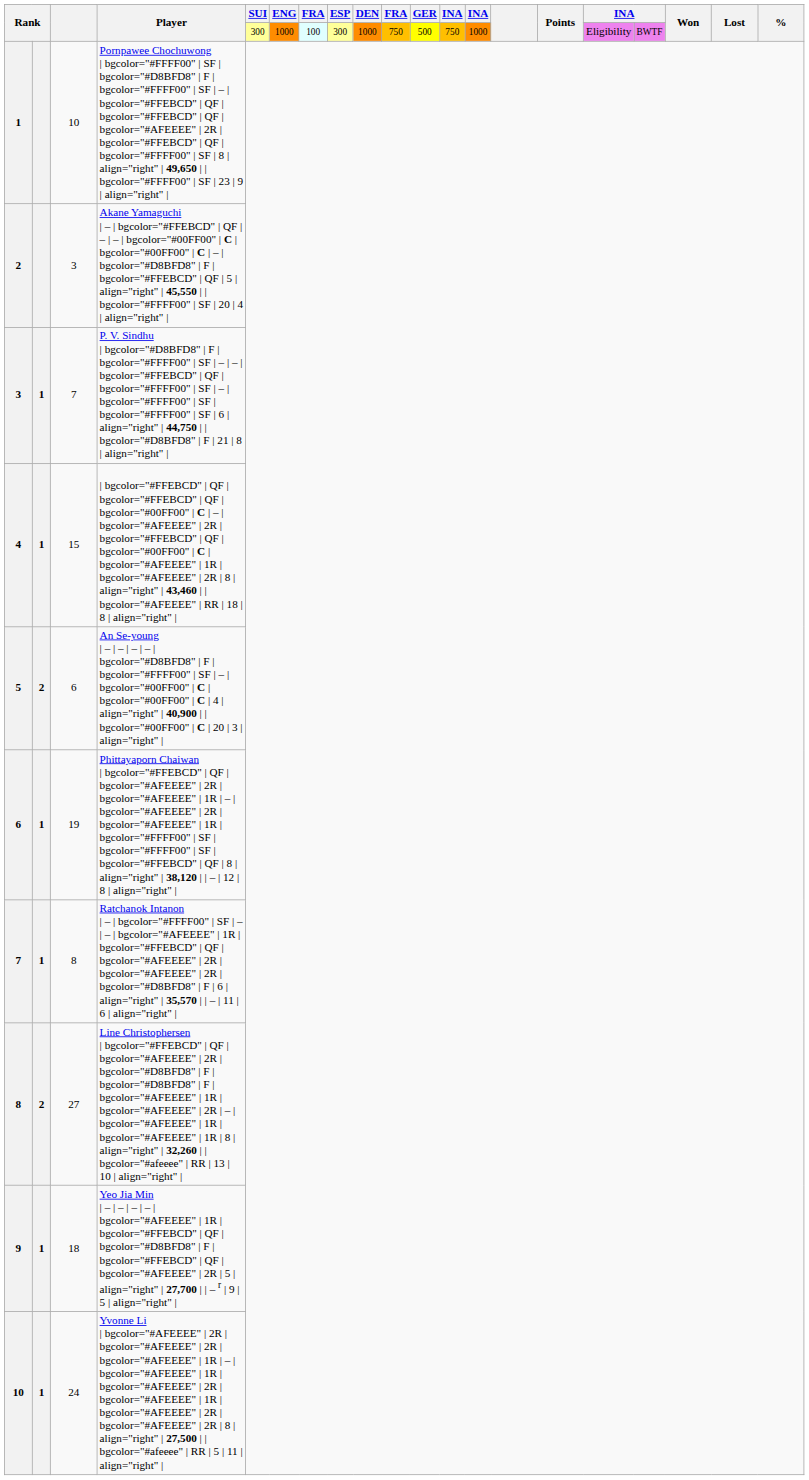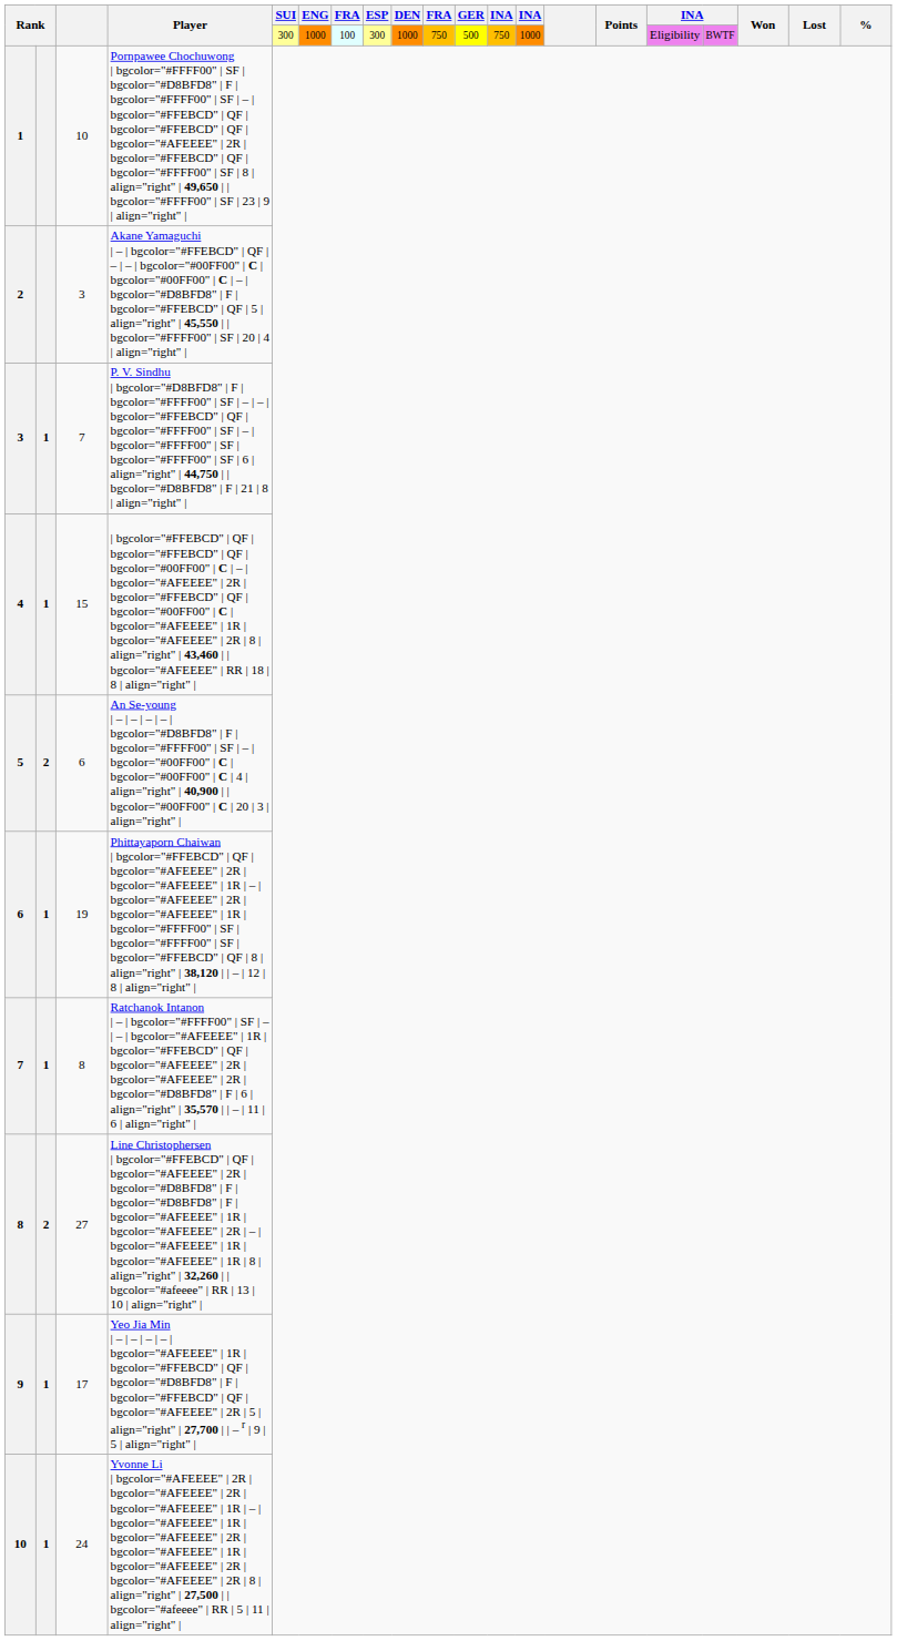 <table class="wikitable" style="font-size:85%; text-align:center">
 <tr>
 <th colspan="2" rowspan="2" width="50">Rank</th>
 <th rowspan="2" width="50"></th>
 <th rowspan="2" width="175">Player</th>
 <th><a href='#'>SUI</a></th>
 <th><a href='#'>ENG</a></th>
 <th><a href='#'>FRA</a></th>
 <th><a href='#'>ESP</a></th>
 <th><a href='#'>DEN</a></th>
 <th><a href='#'>FRA</a></th>
 <th><a href='#'>GER</a></th>
 <th><a href='#'>INA</a></th>
 <th><a href='#'>INA</a></th>
 <th rowspan="2" width="50"></th>
 <th rowspan="2" width="50">Points</th>
 <th colspan="2"><a href='#'>INA</a></th>
 <th rowspan="2" width="50">Won</th>
 <th rowspan="2" width="50">Lost</th>
 <th rowspan="2" width="50">%</th>
 </tr>
 <tr>
 <td bgcolor="#FFFF99"><small>300</small></td>
 <td bgcolor="#FF8C00"><small>1000</small></td>
 <td bgcolor="#E0FFFF"><small>100</small></td>
 <td bgcolor="#FFFF99"><small>300</small></td>
 <td bgcolor="#FF8C00"><small>1000</small></td>
 <td bgcolor="#FFBF00"><small>750</small></td>
 <td bgcolor="#FFFF00"><small>500</small></td>
 <td bgcolor="#FFBF00"><small>750</small></td>
 <td bgcolor="#FF8C00"><small>1000</small></td>
 <td bgcolor="#EE82EE">Eligibility</td>
 <td bgcolor="#EE82EE"><small>BWTF</small></td>
 </tr>
 <tr>
 <th>1</th>
 <th></th>
 <td>10</td>
 <td align="left"> <a href='#'>Pornpawee Chochuwong</a><br>| bgcolor="#FFFF00" | SF | bgcolor="#D8BFD8" | F | bgcolor="#FFFF00" | SF | – | bgcolor="#FFEBCD" | QF | bgcolor="#FFEBCD" | QF | bgcolor="#AFEEEE" | 2R | bgcolor="#FFEBCD" | QF | bgcolor="#FFFF00" | SF | 8 | align="right" | <strong>49,650</strong> |  | bgcolor="#FFFF00" | SF | 23 | 9 | align="right" | </td>
 </tr>
 <tr>
 <th>2</th>
 <th></th>
 <td>3</td>
 <td align="left"> <a href='#'>Akane Yamaguchi</a><br>| – | bgcolor="#FFEBCD" | QF | – | – | bgcolor="#00FF00" | <strong>C</strong> | bgcolor="#00FF00" | <strong>C</strong> | – | bgcolor="#D8BFD8" | F | bgcolor="#FFEBCD" | QF | 5 | align="right" | <strong>45,550</strong> |  | bgcolor="#FFFF00" | SF | 20 | 4 | align="right" | </td>
 </tr>
 <tr>
 <th>3</th>
 <th nowrap> 1</th>
 <td>7</td>
 <td align="left"> <a href='#'>P. V. Sindhu</a><br>| bgcolor="#D8BFD8" | F | bgcolor="#FFFF00" | SF | – | – | bgcolor="#FFEBCD" | QF | bgcolor="#FFFF00" | SF | – | bgcolor="#FFFF00" | SF | bgcolor="#FFFF00" | SF | 6 | align="right" | <strong>44,750</strong> |  | bgcolor="#D8BFD8" | F | 21 | 8 | align="right" | </td>
 </tr>
 <tr>
 <th>4</th>
 <th> 1</th>
 <td>15</td>
 <td align="left"><br>| bgcolor="#FFEBCD" | QF | bgcolor="#FFEBCD" | QF | bgcolor="#00FF00" | <strong>C</strong> | – | bgcolor="#AFEEEE" | 2R | bgcolor="#FFEBCD" | QF | bgcolor="#00FF00" | <strong>C</strong> | bgcolor="#AFEEEE" | 1R | bgcolor="#AFEEEE" | 2R | 8 | align="right" | <strong>43,460</strong> |  | bgcolor="#AFEEEE" | RR | 18 | 8 | align="right" | </td>
 </tr>
 <tr>
 <th>5</th>
 <th> 2</th>
 <td>6</td>
 <td align="left"> <a href='#'>An Se-young</a><br>| – | – | – | – | bgcolor="#D8BFD8" | F | bgcolor="#FFFF00" | SF | – | bgcolor="#00FF00" | <strong>C</strong> | bgcolor="#00FF00" | <strong>C</strong> | 4 | align="right" | <strong>40,900</strong> |   | bgcolor="#00FF00" | <strong>C</strong> | 20 | 3 | align="right" | </td>
 </tr>
 <tr>
 <th>6</th>
 <th> 1</th>
 <td>19</td>
 <td align="left"> <a href='#'>Phittayaporn Chaiwan</a><br>| bgcolor="#FFEBCD" | QF | bgcolor="#AFEEEE" | 2R | bgcolor="#AFEEEE" | 1R | – | bgcolor="#AFEEEE" | 2R | bgcolor="#AFEEEE" | 1R | bgcolor="#FFFF00" | SF | bgcolor="#FFFF00" | SF | bgcolor="#FFEBCD" | QF | 8 | align="right" | <strong>38,120</strong> |  | – | 12 | 8 | align="right" | </td>
 </tr>
 <tr>
 <th>7</th>
 <th> 1</th>
 <td>8</td>
 <td align="left"> <a href='#'>Ratchanok Intanon</a><br>| – | bgcolor="#FFFF00" | SF | – | – | bgcolor="#AFEEEE" | 1R | bgcolor="#FFEBCD" | QF | bgcolor="#AFEEEE" | 2R | bgcolor="#AFEEEE" | 2R | bgcolor="#D8BFD8" | F | 6 | align="right" | <strong>35,570</strong> |  | – | 11 | 6 | align="right" | </td>
 </tr>
 <tr>
 <th>8</th>
 <th> 2</th>
 <td>27</td>
 <td align="left"> <a href='#'>Line Christophersen</a><br>| bgcolor="#FFEBCD" | QF | bgcolor="#AFEEEE" | 2R | bgcolor="#D8BFD8" | F | bgcolor="#D8BFD8" | F | bgcolor="#AFEEEE" | 1R | bgcolor="#AFEEEE" | 2R | – | bgcolor="#AFEEEE" | 1R | bgcolor="#AFEEEE" | 1R | 8 | align="right" | <strong>32,260</strong> |   | bgcolor="#afeeee" | RR | 13 | 10 | align="right" | </td>
 </tr>
 <tr>
 <th>9</th>
 <th> 1</th>
-<td>18</td>
+<td>17</td>
 <td align="left"> <a href='#'>Yeo Jia Min</a><br>| – | – | – | – | bgcolor="#AFEEEE" | 1R | bgcolor="#FFEBCD" | QF | bgcolor="#D8BFD8" | F | bgcolor="#FFEBCD" | QF | bgcolor="#AFEEEE" | 2R | 5 | align="right" | <strong>27,700</strong> |  | – <sup>r</sup> | 9 | 5 | align="right" | </td>
 </tr>
 <tr>
 <th>10</th>
 <th> 1</th>
 <td>24</td>
 <td align="left"> <a href='#'>Yvonne Li</a><br>| bgcolor="#AFEEEE" | 2R | bgcolor="#AFEEEE" | 2R | bgcolor="#AFEEEE" | 1R | – | bgcolor="#AFEEEE" | 1R | bgcolor="#AFEEEE" | 2R | bgcolor="#AFEEEE" | 1R | bgcolor="#AFEEEE" | 2R | bgcolor="#AFEEEE" | 2R | 8 | align="right" | <strong>27,500</strong> |  | bgcolor="#afeeee" | RR | 5 | 11 | align="right" | </td>
 </tr>
 </table>
